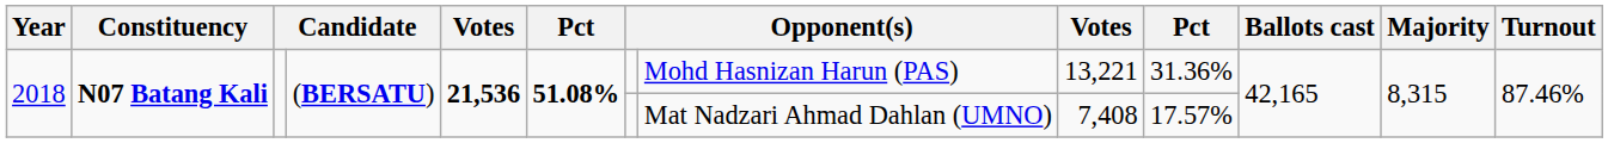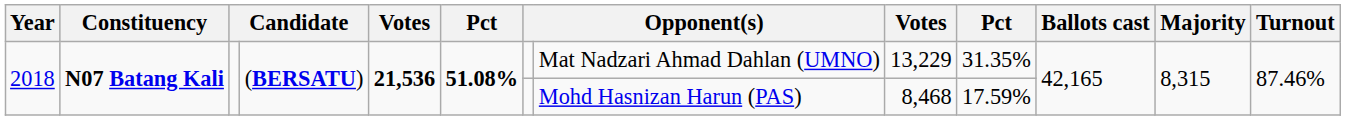 <table class="wikitable" style="margin:0.5em ; font-size:95%">
 <tr>
 <th>Year</th>
 <th>Constituency</th>
 <th colspan=2>Candidate</th>
 <th>Votes</th>
 <th>Pct</th>
 <th colspan=2>Opponent(s)</th>
 <th>Votes</th>
 <th>Pct</th>
 <th>Ballots cast</th>
 <th>Majority</th>
 <th>Turnout</th>
 </tr>
 <tr>
 <td rowspan=2><a href='#'>2018</a></td>
 <td rowspan=2><strong>N07 <a href='#'>Batang Kali</a></strong></td>
 <td rowspan=2 ></td>
 <td rowspan=2> (<a href='#'><strong>BERSATU</strong></a>)</td>
 <td rowspan=2 align=right><strong>21,536</strong></td>
 <td rowspan=2><strong>51.08%</strong></td>
 <td></td>
-<td><a href='#'>Mohd Hasnizan Harun</a> (<a href='#'>PAS</a>)</td>
-<td align=right>13,221</td>
-<td>31.36%</td>
+<td>Mat Nadzari Ahmad Dahlan (<a href='#'>UMNO</a>)</td>
+<td align=right>13,229</td>
+<td>31.35%</td>
 <td rowspan=2>42,165</td>
 <td rowspan=2>8,315</td>
 <td rowspan=2>87.46%</td>
 </tr>
 <tr>
 <td></td>
-<td>Mat Nadzari Ahmad Dahlan (<a href='#'>UMNO</a>)</td>
-<td align=right>7,408</td>
-<td>17.57%</td>
+<td><a href='#'>Mohd Hasnizan Harun</a> (<a href='#'>PAS</a>)</td>
+<td align=right>8,468</td>
+<td>17.59%</td>
 </tr>
 </table>
